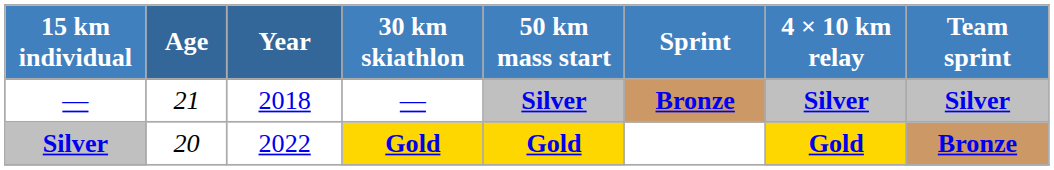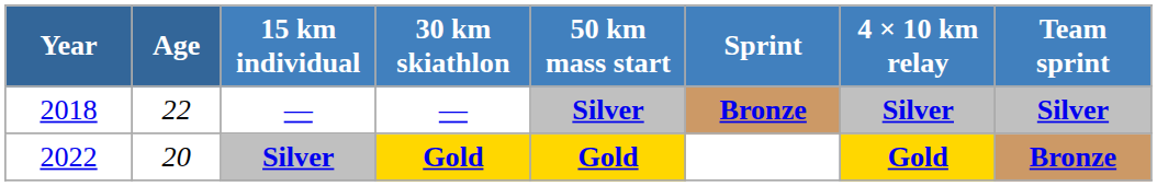 <table class="wikitable" style="font-size:95%; text-align:center; border:grey solid 1px; border-collapse:collapse; background:#ffffff;">
 <tr>
+<th style="background-color:#369; color:white; width:60px;"> Year </th>
+<th style="background-color:#369; color:white; width:40px;"> Age </th>
 <th style="background-color:#4180be; color:white; width:75px;"> 15 km <br> individual </th>
-<th style="background-color:#369; color:white; width:40px;"> Age </th>
-<th style="background-color:#369; color:white; width:60px;"> Year </th>
 <th style="background-color:#4180be; color:white; width:75px;"> 30 km <br> skiathlon </th>
 <th style="background-color:#4180be; color:white; width:75px;"> 50 km <br> mass start </th>
 <th style="background-color:#4180be; color:white; width:75px;"> Sprint </th>
 <th style="background-color:#4180be; color:white; width:75px;"> 4 × 10 km <br> relay </th>
 <th style="background-color:#4180be; color:white; width:75px;"> Team <br> sprint </th>
 </tr>
 <tr>
+<td><a href='#'>2018</a></td>
+<td><em>22</em></td>
 <td><a href='#'>—</a></td>
-<td><em>21</em></td>
-<td><a href='#'>2018</a></td>
 <td><a href='#'>—</a></td>
 <td style="background:silver;"><a href='#'><strong>Silver</strong></a></td>
 <td style="background:#c96;"><a href='#'><strong>Bronze</strong></a></td>
 <td style="background:silver;"><a href='#'><strong>Silver</strong></a></td>
 <td style="background:silver;"><a href='#'><strong>Silver</strong></a></td>
 </tr>
 <tr>
+<td><a href='#'>2022</a></td>
+<td><em>20</em></td>
 <td style="background:silver;"><a href='#'><strong>Silver</strong></a></td>
-<td><em>20</em></td>
-<td><a href='#'>2022</a></td>
 <td style="background:gold;"><a href='#'><strong>Gold</strong></a></td>
 <td style="background:gold;"><a href='#'><strong>Gold</strong></a></td>
 <td><a href='#'></a></td>
 <td style="background:gold;"><a href='#'><strong>Gold</strong></a></td>
 <td style="background:#c96;"><a href='#'><strong>Bronze</strong></a></td>
 </tr>
 </table>
